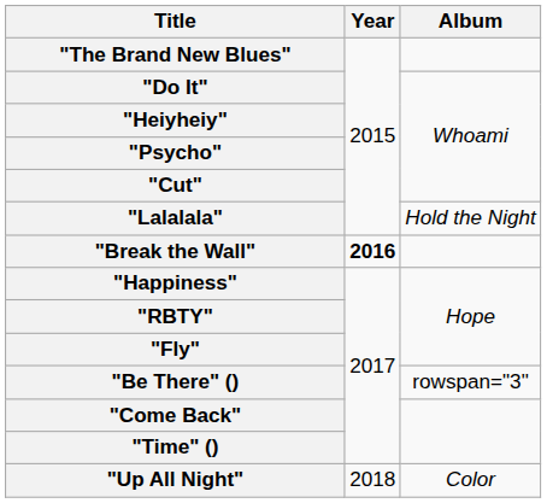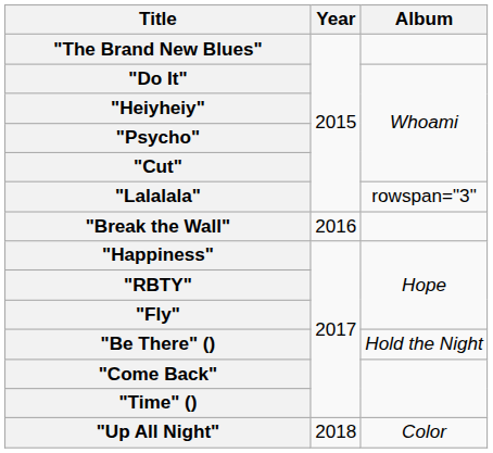 <table class="wikitable plainrowheaders" style="text-align:center;" border="1">
 <tr>
 <th scope="col" style="width:16em;">Title</th>
 <th scope="col">Year</th>
 <th scope="col">Album</th>
 </tr>
 <tr>
 <th scope="row">"The Brand New Blues"</th>
 <td rowspan="6">2015</td>
 <td></td>
 </tr>
 <tr>
 <th scope="row">"Do It"<br></th>
 <td rowspan="4"><em>Whoami</em></td>
 </tr>
 <tr>
 <th scope="row">"Heiyheiy"</th>
 </tr>
 <tr>
 <th scope="row">"Psycho"</th>
 </tr>
 <tr>
 <th scope="row">"Cut"</th>
 </tr>
 <tr>
 <th scope="row">"Lalalala"</th>
-<td><em>Hold the Night</em></td>
+<td>rowspan="3" </td>
 </tr>
 <tr>
 <th scope="row">"Break the Wall"</th>
-<td><strong>2016</strong></td>
+<td>2016</td>
 <td></td>
 </tr>
 <tr>
 <th scope="row">"Happiness"</th>
 <td rowspan="6">2017</td>
 <td rowspan="3"><em>Hope</em></td>
 </tr>
 <tr>
 <th scope="row">"RBTY"</th>
 </tr>
 <tr>
 <th scope="row">"Fly"<br></th>
 </tr>
 <tr>
 <th scope="row">"Be There" ()</th>
-<td>rowspan="3" </td>
+<td><em>Hold the Night</em></td>
 </tr>
 <tr>
 <th scope="row">"Come Back"</th>
 </tr>
 <tr>
 <th scope="row">"Time" ()</th>
 </tr>
 <tr>
 <th scope="row">"Up All Night"</th>
 <td>2018</td>
 <td><em>Color</em></td>
 </tr>
 </table>
